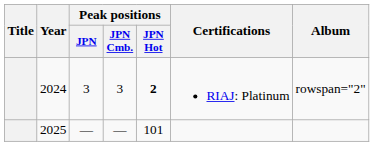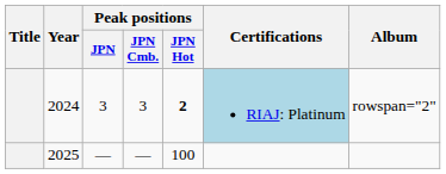 <table class="wikitable plainrowheaders" style="text-align:center">
 <tr>
 <th scope="col" rowspan="2">Title</th>
 <th scope="col" rowspan="2">Year</th>
 <th scope="col" colspan="3">Peak positions</th>
 <th scope="col" rowspan="2">Certifications</th>
 <th scope="col" rowspan="2">Album</th>
 </tr>
 <tr>
 <th scope="col" style="width:2.5em;font-size:85%"><a href='#'>JPN</a><br></th>
 <th scope="col" style="width:2.5em;font-size:85%"><a href='#'>JPN<br>Cmb.</a><br></th>
 <th scope="col" style="width:2.5em;font-size:85%"><a href='#'>JPN<br>Hot</a><br></th>
 </tr>
 <tr>
 <th scope="row"></th>
 <td>2024</td>
 <td>3</td>
 <td>3</td>
 <td><strong>2</strong></td>
-<td><br><ul><li><a href='#'>RIAJ</a>: Platinum </li></ul></td>
+<td style="background: lightblue;"><br><ul><li><a href='#'>RIAJ</a>: Platinum </li></ul></td>
 <td>rowspan="2" </td>
 </tr>
 <tr>
 <th scope="row"></th>
 <td>2025</td>
 <td>—</td>
 <td>—</td>
-<td>101</td>
+<td>100</td>
 <td></td>
 </tr>
 </table>
